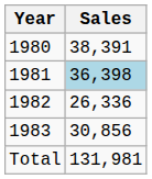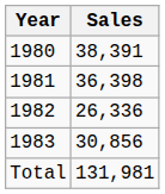 <table class="wikitable">
 <tr>
 <th>Year</th>
 <th>Sales</th>
 </tr>
 <tr>
 <td>1980</td>
 <td>38,391</td>
 </tr>
 <tr>
 <td>1981</td>
-<td style="background: lightblue;">36,398</td>
+<td>36,398</td>
 </tr>
 <tr>
 <td>1982</td>
 <td>26,336</td>
 </tr>
 <tr>
 <td>1983</td>
 <td>30,856</td>
 </tr>
 <tr>
 <td>Total</td>
 <td>131,981</td>
 </tr>
 </table>
